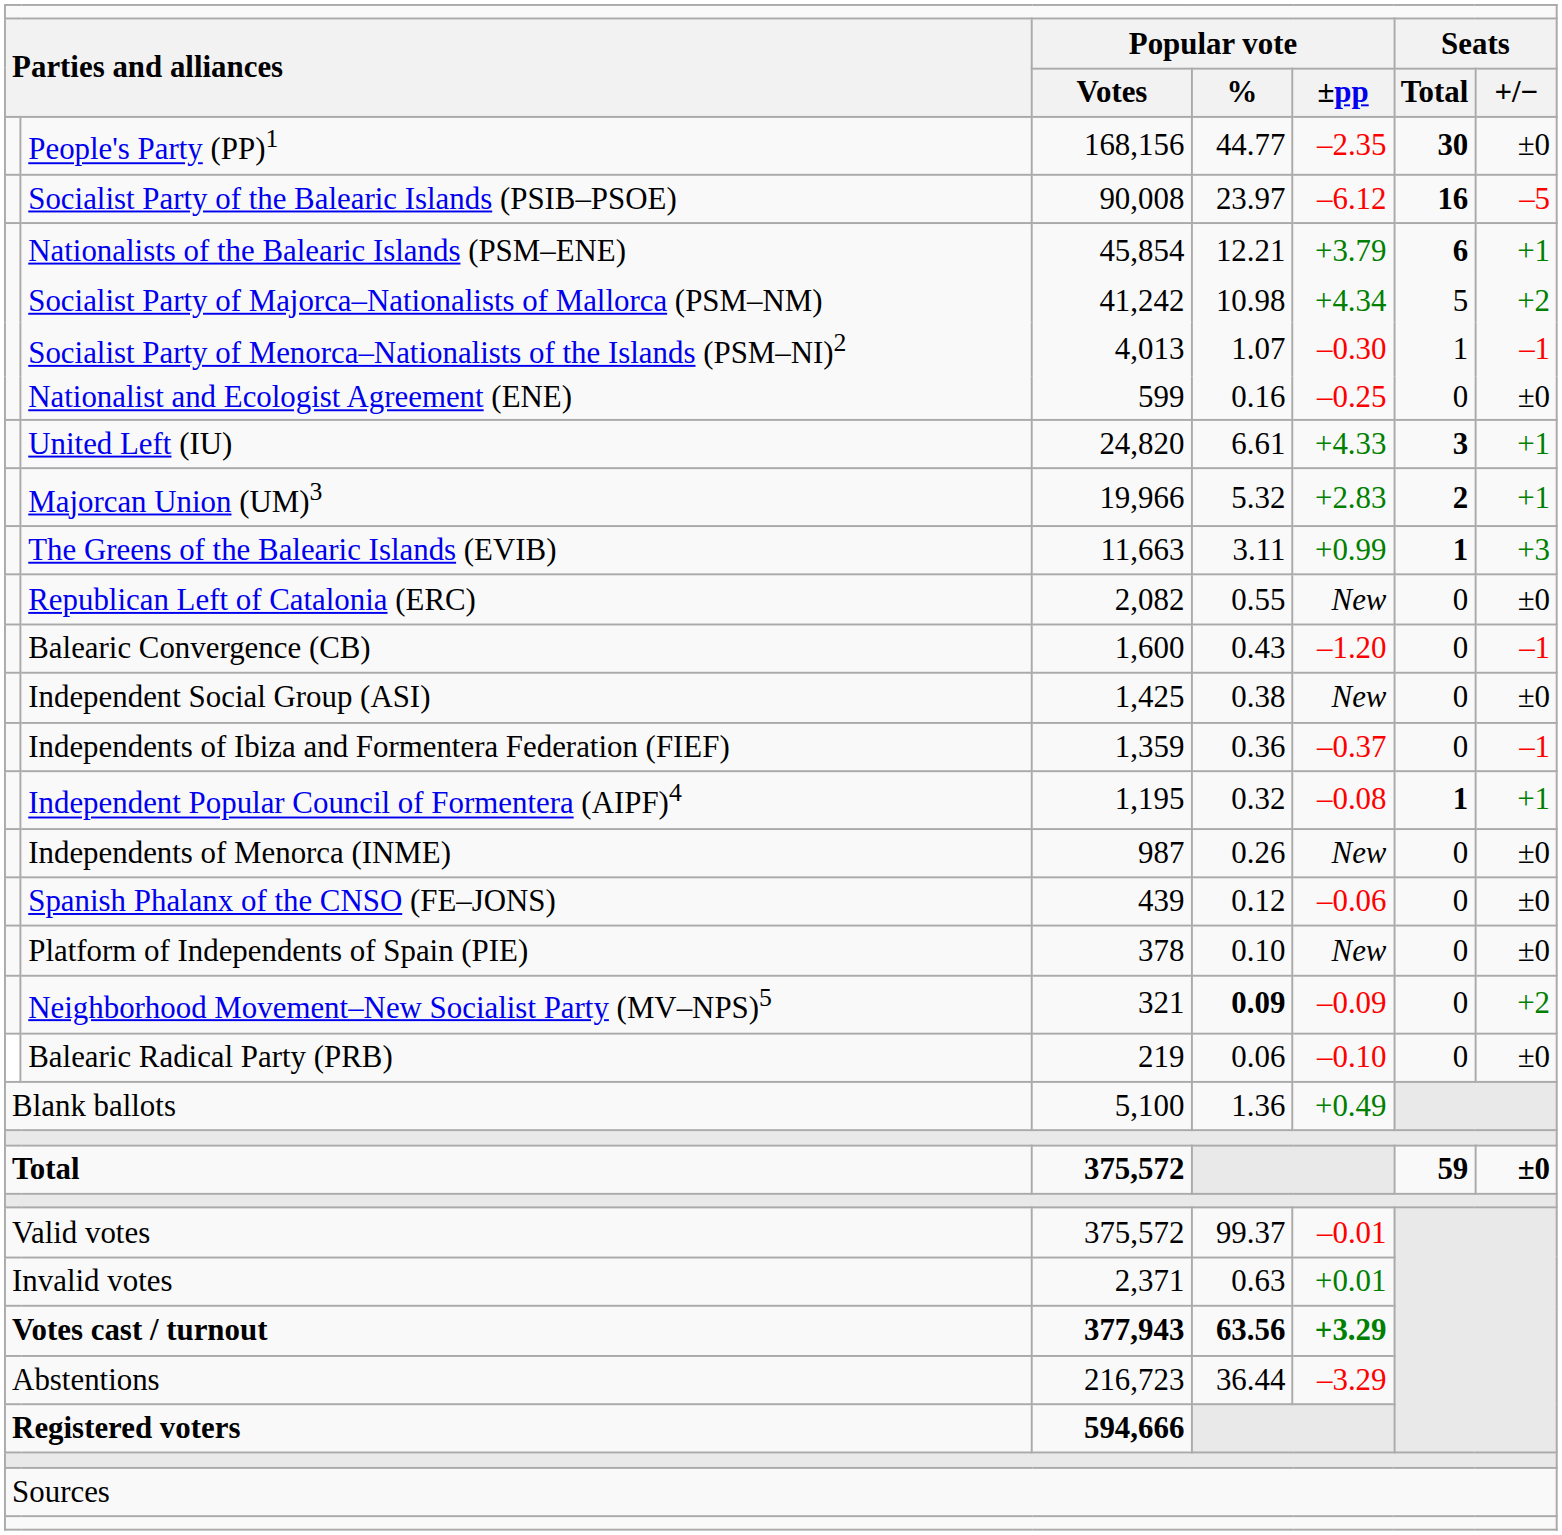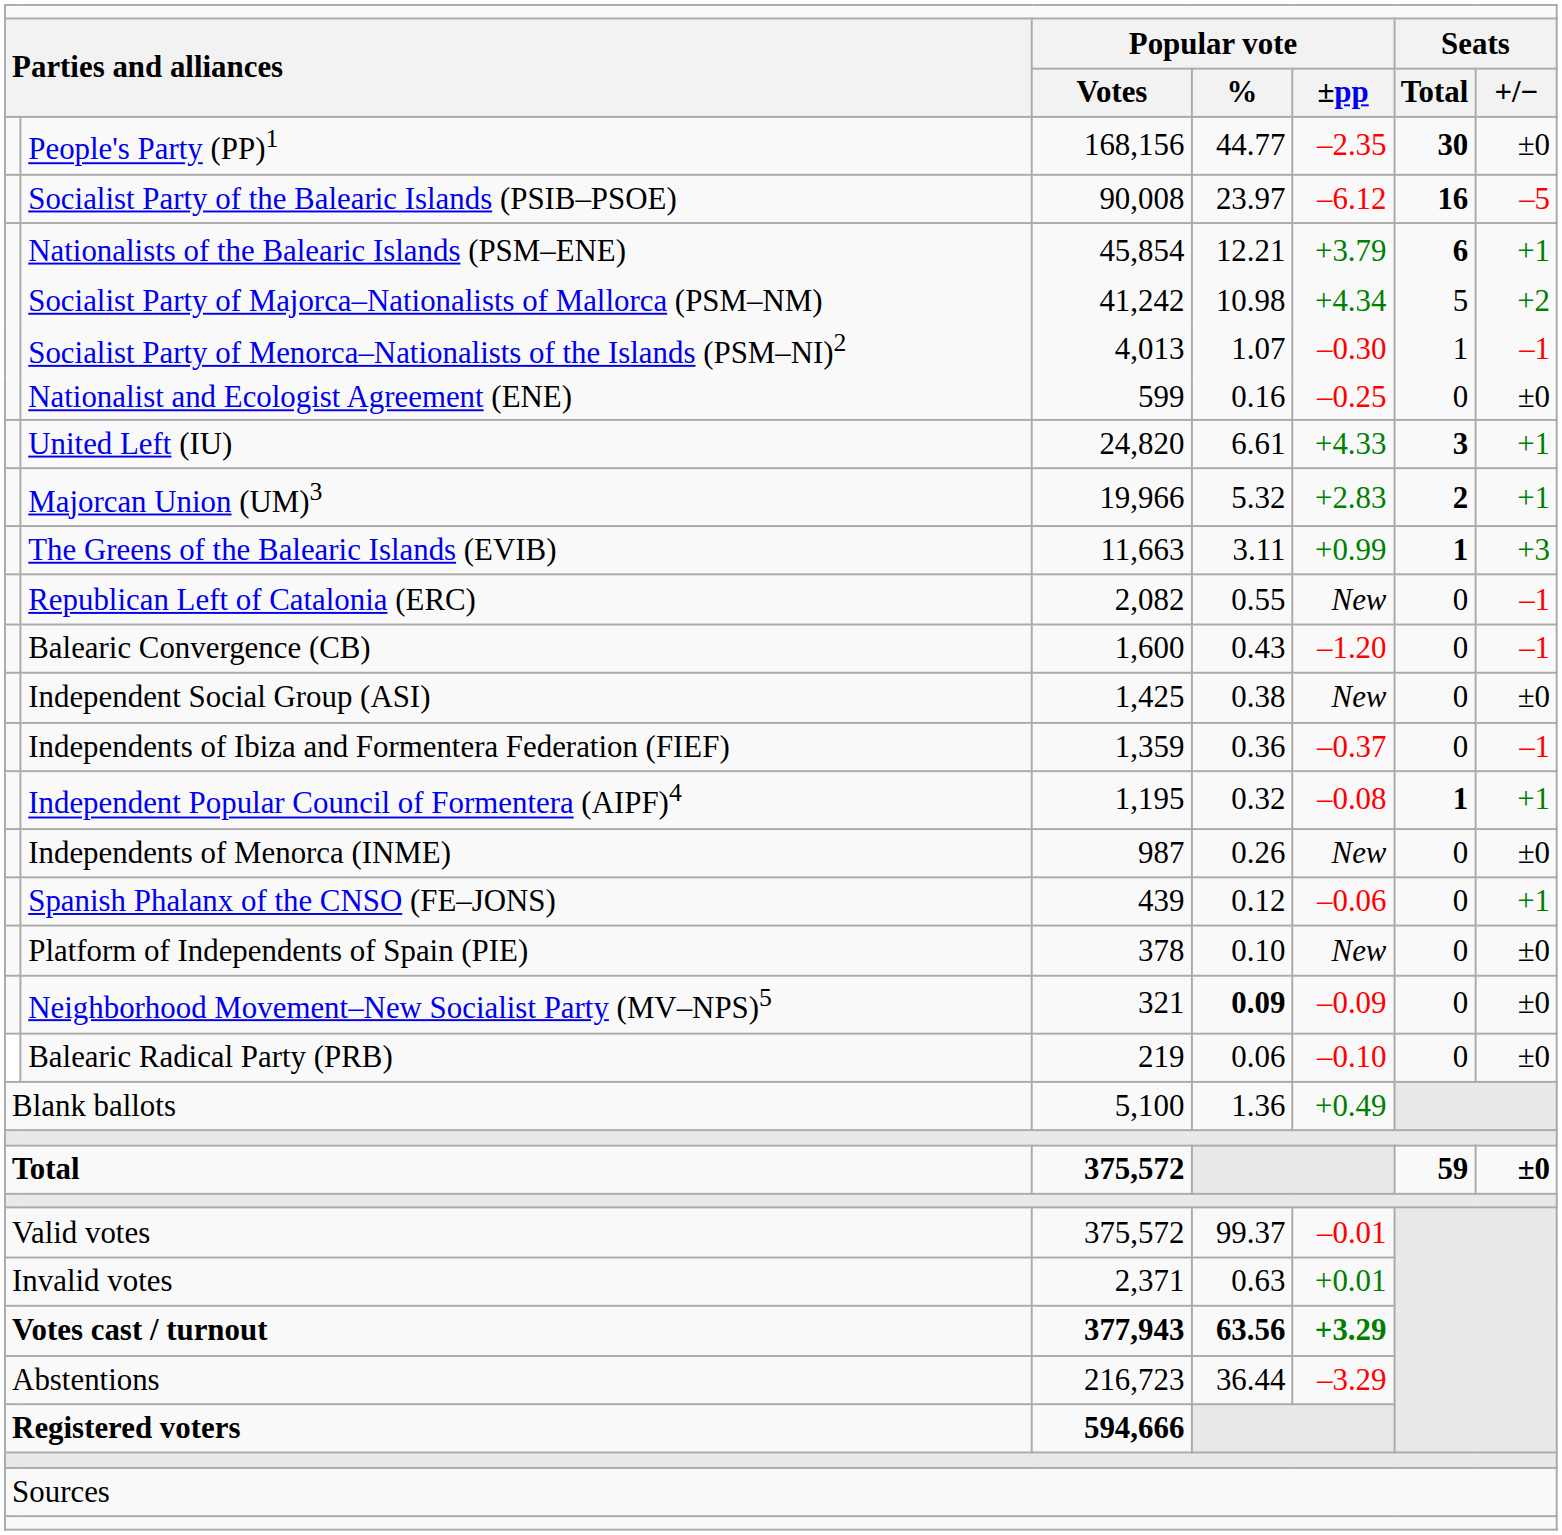 <table class="wikitable" style="text-align:right;">
 <tr>
 <td colspan="7"></td>
 </tr>
 <tr>
 <th style="text-align:left;" rowspan="2" colspan="2" width="525">Parties and alliances</th>
 <th colspan="3">Popular vote</th>
 <th colspan="2">Seats</th>
 </tr>
 <tr>
 <th width="75">Votes</th>
 <th width="45">%</th>
 <th width="45">±<a href='#'>pp</a></th>
 <th width="35">Total</th>
 <th width="35">+/−</th>
 </tr>
 <tr>
 <td width="1" style="color:inherit;background:"></td>
 <td align="left"><a href='#'>People's Party</a> (PP)<sup>1</sup></td>
 <td>168,156</td>
 <td>44.77</td>
 <td style="color:red;">–2.35</td>
 <td><strong>30</strong></td>
 <td>±0</td>
 </tr>
 <tr>
 <td style="color:inherit;background:"></td>
 <td align="left"><a href='#'>Socialist Party of the Balearic Islands</a> (PSIB–PSOE)</td>
 <td>90,008</td>
 <td>23.97</td>
 <td style="color:red;">–6.12</td>
 <td><strong>16</strong></td>
 <td style="color:red;">–5</td>
 </tr>
 <tr style="line-height:22px;">
 <td rowspan="4" style="color:inherit;background:"></td>
 <td align="left"><a href='#'>Nationalists of the Balearic Islands</a> (PSM–ENE)</td>
 <td>45,854</td>
 <td>12.21</td>
 <td style="color:green;">+3.79</td>
 <td><strong>6</strong></td>
 <td style="color:green;">+1</td>
 </tr>
 <tr style="border-bottom-style:hidden; border-top-style:hidden; line-height:16px;">
 <td align="left"><span><a href='#'>Socialist Party of Majorca–Nationalists of Mallorca</a> (PSM–NM)</span></td>
 <td>41,242</td>
 <td>10.98</td>
 <td style="color:green;">+4.34</td>
 <td>5</td>
 <td style="color:green;">+2</td>
 </tr>
 <tr style="border-bottom-style:hidden; line-height:16px;">
 <td align="left"><span><a href='#'>Socialist Party of Menorca–Nationalists of the Islands</a> (PSM–NI)<sup>2</sup></span></td>
 <td>4,013</td>
 <td>1.07</td>
 <td style="color:red;">–0.30</td>
 <td>1</td>
 <td style="color:red;">–1</td>
 </tr>
 <tr style="line-height:16px;">
 <td align="left"><span><a href='#'>Nationalist and Ecologist Agreement</a> (ENE)</span></td>
 <td>599</td>
 <td>0.16</td>
 <td style="color:red;">–0.25</td>
 <td>0</td>
 <td>±0</td>
 </tr>
 <tr>
 <td style="color:inherit;background:"></td>
 <td align="left"><a href='#'>United Left</a> (IU)</td>
 <td>24,820</td>
 <td>6.61</td>
 <td style="color:green;">+4.33</td>
 <td><strong>3</strong></td>
 <td style="color:green;">+1</td>
 </tr>
 <tr>
 <td style="color:inherit;background:"></td>
 <td align="left"><a href='#'>Majorcan Union</a> (UM)<sup>3</sup></td>
 <td>19,966</td>
 <td>5.32</td>
 <td style="color:green;">+2.83</td>
 <td><strong>2</strong></td>
 <td style="color:green;">+1</td>
 </tr>
 <tr>
 <td style="color:inherit;background:"></td>
 <td align="left"><a href='#'>The Greens of the Balearic Islands</a> (EVIB)</td>
 <td>11,663</td>
 <td>3.11</td>
 <td style="color:green;">+0.99</td>
 <td><strong>1</strong></td>
 <td style="color:green;">+3</td>
 </tr>
 <tr>
 <td style="color:inherit;background:"></td>
 <td align="left"><a href='#'>Republican Left of Catalonia</a> (ERC)</td>
 <td>2,082</td>
 <td>0.55</td>
 <td><em>New</em></td>
 <td>0</td>
-<td>±0</td>
+<td style="color:red;">–1</td>
 </tr>
 <tr>
 <td style="color:inherit;background:"></td>
 <td align="left">Balearic Convergence (CB)</td>
 <td>1,600</td>
 <td>0.43</td>
 <td style="color:red;">–1.20</td>
 <td>0</td>
 <td style="color:red;">–1</td>
 </tr>
 <tr>
 <td style="color:inherit;background:"></td>
 <td align="left">Independent Social Group (ASI)</td>
 <td>1,425</td>
 <td>0.38</td>
 <td><em>New</em></td>
 <td>0</td>
 <td>±0</td>
 </tr>
 <tr>
 <td style="color:inherit;background:"></td>
 <td align="left">Independents of Ibiza and Formentera Federation (FIEF)</td>
 <td>1,359</td>
 <td>0.36</td>
 <td style="color:red;">–0.37</td>
 <td>0</td>
 <td style="color:red;">–1</td>
 </tr>
 <tr>
 <td style="color:inherit;background:"></td>
 <td align="left"><a href='#'>Independent Popular Council of Formentera</a> (AIPF)<sup>4</sup></td>
 <td>1,195</td>
 <td>0.32</td>
 <td style="color:red;">–0.08</td>
 <td><strong>1</strong></td>
 <td style="color:green;">+1</td>
 </tr>
 <tr>
 <td style="color:inherit;background:"></td>
 <td align="left">Independents of Menorca (INME)</td>
 <td>987</td>
 <td>0.26</td>
 <td><em>New</em></td>
 <td>0</td>
 <td>±0</td>
 </tr>
 <tr>
 <td style="color:inherit;background:"></td>
 <td align="left"><a href='#'>Spanish Phalanx of the CNSO</a> (FE–JONS)</td>
 <td>439</td>
 <td>0.12</td>
 <td style="color:red;">–0.06</td>
 <td>0</td>
-<td>±0</td>
+<td style="color:green;">+1</td>
 </tr>
 <tr>
 <td style="color:inherit;background:"></td>
 <td align="left">Platform of Independents of Spain (PIE)</td>
 <td>378</td>
 <td>0.10</td>
 <td><em>New</em></td>
 <td>0</td>
 <td>±0</td>
 </tr>
 <tr>
 <td style="color:inherit;background:"></td>
 <td align="left"><a href='#'>Neighborhood Movement–New Socialist Party</a> (MV–NPS)<sup>5</sup></td>
 <td>321</td>
 <td><strong>0.09</strong></td>
 <td style="color:red;">–0.09</td>
 <td>0</td>
-<td style="color:green;">+2</td>
+<td>±0</td>
 </tr>
 <tr>
 <td bgcolor="white"></td>
 <td align="left">Balearic Radical Party (PRB)</td>
 <td>219</td>
 <td>0.06</td>
 <td style="color:red;">–0.10</td>
 <td>0</td>
 <td>±0</td>
 </tr>
 <tr>
 <td align="left" colspan="2">Blank ballots</td>
 <td>5,100</td>
 <td>1.36</td>
 <td style="color:green;">+0.49</td>
 <td bgcolor="#E9E9E9" colspan="2"></td>
 </tr>
 <tr>
 <td colspan="7" bgcolor="#E9E9E9"></td>
 </tr>
 <tr style="font-weight:bold;">
 <td align="left" colspan="2">Total</td>
 <td>375,572</td>
 <td bgcolor="#E9E9E9" colspan="2"></td>
 <td>59</td>
 <td>±0</td>
 </tr>
 <tr>
 <td colspan="7" bgcolor="#E9E9E9"></td>
 </tr>
 <tr>
 <td align="left" colspan="2">Valid votes</td>
 <td>375,572</td>
 <td>99.37</td>
 <td style="color:red;">–0.01</td>
 <td bgcolor="#E9E9E9" colspan="2" rowspan="5"></td>
 </tr>
 <tr>
 <td align="left" colspan="2">Invalid votes</td>
 <td>2,371</td>
 <td>0.63</td>
 <td style="color:green;">+0.01</td>
 </tr>
 <tr style="font-weight:bold;">
 <td align="left" colspan="2">Votes cast / turnout</td>
 <td>377,943</td>
 <td>63.56</td>
 <td style="color:green;">+3.29</td>
 </tr>
 <tr>
 <td align="left" colspan="2">Abstentions</td>
 <td>216,723</td>
 <td>36.44</td>
 <td style="color:red;">–3.29</td>
 </tr>
 <tr style="font-weight:bold;">
 <td align="left" colspan="2">Registered voters</td>
 <td>594,666</td>
 <td bgcolor="#E9E9E9" colspan="2"></td>
 </tr>
 <tr>
 <td colspan="7" bgcolor="#E9E9E9"></td>
 </tr>
 <tr>
 <td align="left" colspan="7">Sources</td>
 </tr>
 <tr>
 <td colspan="7" style="text-align:left; max-width:790px;"></td>
 </tr>
 </table>
